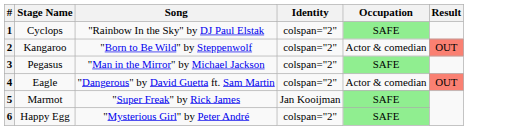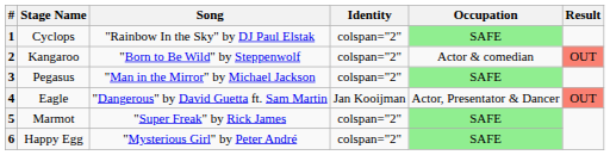 <table class="wikitable plainrowheaders" style="text-align: center;">
 <tr>
 <th><strong>#</strong></th>
 <th><strong>Stage Name</strong></th>
 <th><strong>Song</strong></th>
 <th>Identity</th>
 <th><strong>Occupation</strong></th>
 <th>Result</th>
 </tr>
 <tr>
 <th>1</th>
 <td>Cyclops</td>
 <td>"Rainbow In the Sky" by <a href='#'>DJ Paul Elstak</a></td>
 <td>colspan="2" </td>
 <td bgcolor="lightgreen">SAFE</td>
 </tr>
 <tr>
 <th>2</th>
 <td>Kangaroo</td>
 <td>"<a href='#'>Born to Be Wild</a>" by <a href='#'>Steppenwolf</a></td>
 <td>colspan="2" </td>
 <td>Actor & comedian</td>
 <td bgcolor="salmon">OUT</td>
 </tr>
 <tr>
 <th>3</th>
 <td>Pegasus</td>
 <td>"<a href='#'>Man in the Mirror</a>" by <a href='#'>Michael Jackson</a></td>
 <td>colspan="2" </td>
 <td bgcolor="lightgreen">SAFE</td>
 </tr>
 <tr>
 <th>4</th>
 <td>Eagle</td>
 <td>"<a href='#'>Dangerous</a>" by <a href='#'>David Guetta</a> ft. <a href='#'>Sam Martin</a></td>
-<td>colspan="2" </td>
-<td>Actor & comedian</td>
+<td>Jan Kooijman</td>
+<td>Actor, Presentator & Dancer</td>
 <td bgcolor="salmon">OUT</td>
 </tr>
 <tr>
 <th>5</th>
 <td>Marmot</td>
 <td>"<a href='#'>Super Freak</a>" by <a href='#'>Rick James</a></td>
-<td>Jan Kooijman</td>
+<td>colspan="2" </td>
 <td bgcolor="lightgreen">SAFE</td>
 </tr>
 <tr>
 <th>6</th>
 <td>Happy Egg</td>
 <td>"<a href='#'>Mysterious Girl</a>" by <a href='#'>Peter André</a></td>
 <td>colspan="2" </td>
 <td bgcolor="lightgreen">SAFE</td>
 </tr>
 </table>
